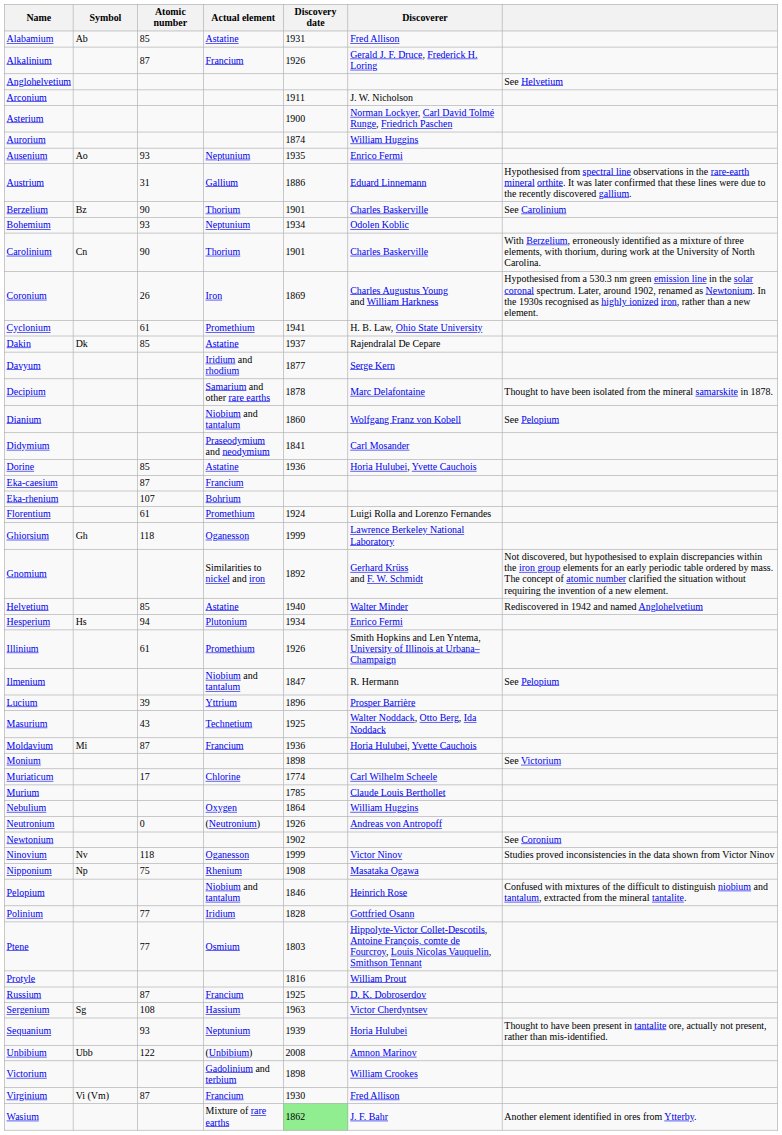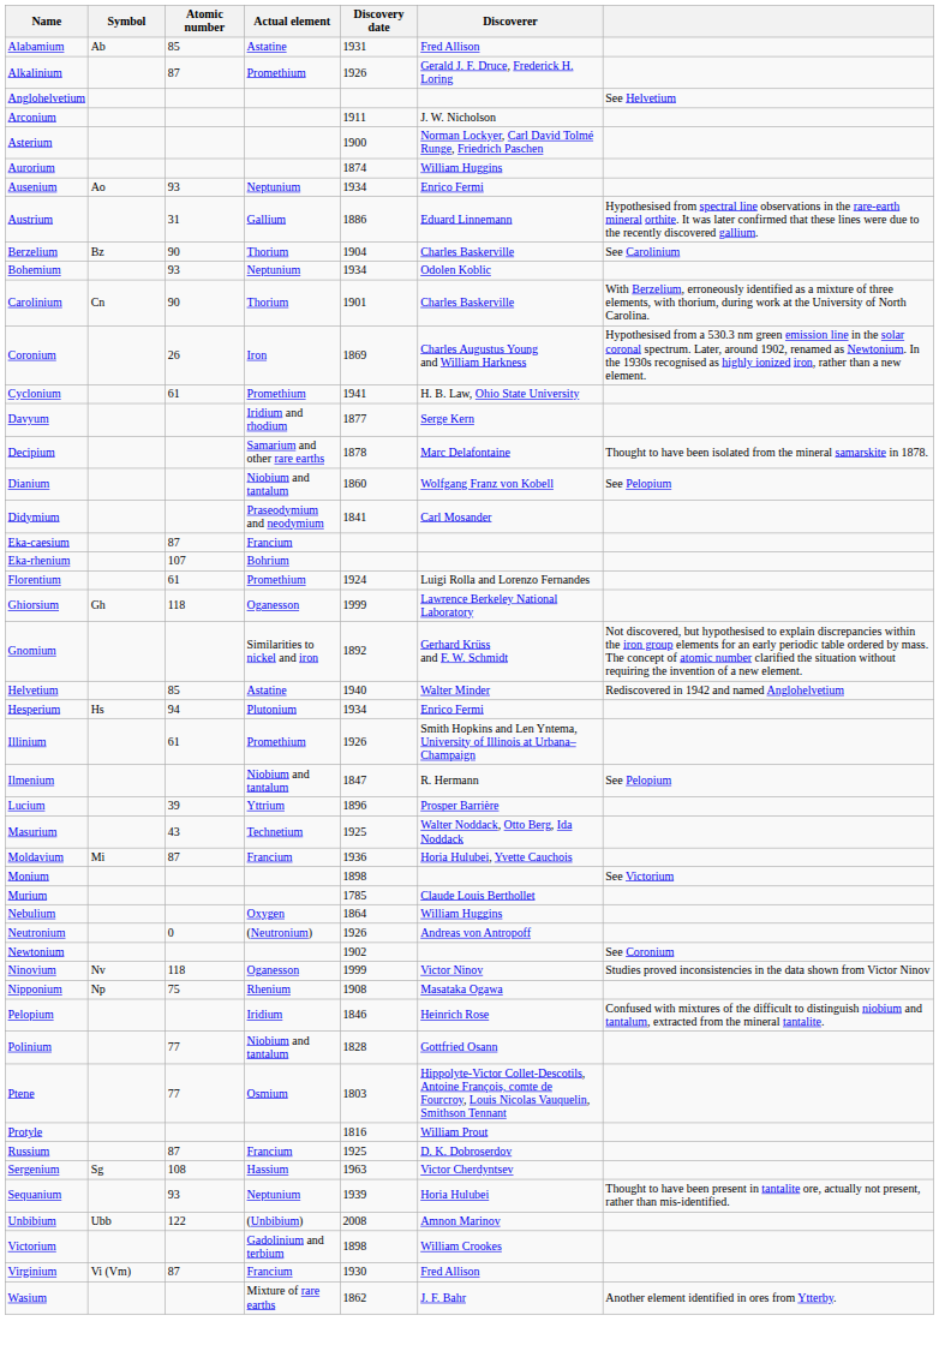 <table class="wikitable sortable">
 <tr>
 <th>Name</th>
 <th scope="col" style="text-align: center; min-width: 6em;">Symbol</th>
 <th scope="col" style="text-align: center; min-width: 6em;">Atomic number</th>
 <th>Actual element</th>
 <th scope="col" style="text-align: center; min-width: 6em;">Discovery date</th>
 <th>Discoverer</th>
 <th class="unsortable"></th>
 </tr>
 <tr>
 <td><a href='#'>Alabamium</a></td>
 <td>Ab</td>
 <td>85</td>
 <td><a href='#'>Astatine</a></td>
 <td>1931</td>
 <td data-sort-value="Allison, Fred"><a href='#'>Fred Allison</a></td>
 <td></td>
 </tr>
 <tr>
 <td><a href='#'>Alkalinium</a></td>
 <td></td>
 <td>87</td>
-<td><a href='#'>Francium</a></td>
+<td><a href='#'>Promethium</a></td>
 <td>1926</td>
 <td data-sort-value="Druce, Gerald J. F."><a href='#'>Gerald J. F. Druce</a>, <a href='#'>Frederick H. Loring</a></td>
 <td></td>
 </tr>
 <tr>
 <td><a href='#'>Anglohelvetium</a></td>
 <td></td>
 <td></td>
 <td></td>
 <td></td>
 <td></td>
 <td>See <a href='#'>Helvetium</a></td>
 </tr>
 <tr>
 <td><a href='#'>Arconium</a></td>
 <td></td>
 <td></td>
 <td></td>
 <td>1911</td>
 <td data-sort-value="Nicholson, J. W.">J. W. Nicholson</td>
 <td></td>
 </tr>
 <tr>
 <td><a href='#'>Asterium</a></td>
 <td></td>
 <td></td>
 <td></td>
 <td>1900</td>
 <td data-sort-value="Lockyer, Norman"><a href='#'>Norman Lockyer</a>, <a href='#'>Carl David Tolmé Runge</a>, <a href='#'>Friedrich Paschen</a></td>
 <td></td>
 </tr>
 <tr>
 <td><a href='#'>Aurorium</a></td>
 <td></td>
 <td></td>
 <td></td>
 <td>1874</td>
 <td data-sort-value="Huggins, William"><a href='#'>William Huggins</a></td>
 <td></td>
 </tr>
 <tr>
 <td><a href='#'>Ausenium</a></td>
 <td>Ao</td>
 <td>93</td>
 <td><a href='#'>Neptunium</a></td>
-<td>1935</td>
+<td>1934</td>
 <td data-sort-value="Fermi, Enrico"><a href='#'>Enrico Fermi</a></td>
 <td></td>
 </tr>
 <tr>
 <td><a href='#'>Austrium</a></td>
 <td></td>
 <td>31</td>
 <td><a href='#'>Gallium</a></td>
 <td>1886</td>
 <td data-sort-value="Linnemann, Eduard"><a href='#'>Eduard Linnemann</a></td>
 <td>Hypothesised from <a href='#'>spectral line</a> observations in the <a href='#'>rare-earth mineral</a> <a href='#'>orthite</a>. It was later confirmed that these lines were due to the recently discovered <a href='#'>gallium</a>.</td>
 </tr>
 <tr>
 <td><a href='#'>Berzelium</a></td>
 <td>Bz</td>
 <td>90</td>
 <td><a href='#'>Thorium</a></td>
-<td>1901</td>
+<td>1904</td>
 <td data-sort-value="Baskerville, Charles"><a href='#'>Charles Baskerville</a></td>
 <td>See <a href='#'>Carolinium</a></td>
 </tr>
 <tr>
 <td><a href='#'>Bohemium</a></td>
 <td></td>
 <td>93</td>
 <td><a href='#'>Neptunium</a></td>
 <td>1934</td>
 <td data-sort-value="Koblič, Odolen"><a href='#'>Odolen Koblic</a></td>
 <td></td>
 </tr>
 <tr>
 <td><a href='#'>Carolinium</a></td>
 <td>Cn</td>
 <td>90</td>
 <td><a href='#'>Thorium</a></td>
 <td>1901</td>
 <td data-sort-value="Baskerville, Charles"><a href='#'>Charles Baskerville</a></td>
 <td>With <a href='#'>Berzelium</a>, erroneously identified as a mixture of three elements, with thorium, during work at the University of North Carolina.</td>
 </tr>
 <tr>
 <td> <a href='#'>Coronium</a></td>
 <td></td>
 <td>26</td>
 <td><a href='#'>Iron</a></td>
 <td>1869</td>
 <td data-sort-value="Young, Charles Augustus"><a href='#'>Charles Augustus Young</a> <br>and <a href='#'>William Harkness</a></td>
 <td>Hypothesised from a 530.3 nm green <a href='#'>emission line</a> in the <a href='#'>solar coronal</a> spectrum. Later, around 1902, renamed as <a href='#'>Newtonium</a>. In the 1930s recognised as <a href='#'>highly ionized</a> <a href='#'>iron</a>, rather than a new element.</td>
 </tr>
 <tr>
 <td><a href='#'>Cyclonium</a></td>
 <td></td>
 <td>61</td>
 <td><a href='#'>Promethium</a></td>
 <td>1941</td>
 <td data-sort-value="Prout, William">H. B. Law, <a href='#'>Ohio State University</a></td>
 <td></td>
 </tr>
 <tr>
-<td><a href='#'>Dakin</a></td>
-<td>Dk</td>
-<td>85</td>
-<td><a href='#'>Astatine</a></td>
-<td>1937</td>
-<td data-sort-value="De Cepare, Rajendralal">Rajendralal De Cepare</td>
-<td></td>
-</tr>
-<tr>
 <td><a href='#'>Davyum</a></td>
 <td></td>
 <td></td>
 <td><a href='#'>Iridium</a> and <a href='#'>rhodium</a></td>
 <td>1877</td>
 <td data-sort-value="Kern, Serge"><a href='#'>Serge Kern</a></td>
 <td></td>
 </tr>
 <tr>
 <td><a href='#'>Decipium</a></td>
 <td></td>
 <td></td>
 <td><a href='#'>Samarium</a> and other <a href='#'>rare earths</a></td>
 <td>1878</td>
 <td data-sort-value="Delafontaine, Marc"><a href='#'>Marc Delafontaine</a></td>
 <td>Thought to have been isolated from the mineral <a href='#'>samarskite</a> in 1878.</td>
 </tr>
 <tr>
 <td><a href='#'>Dianium</a></td>
 <td></td>
 <td></td>
 <td><a href='#'>Niobium</a> and <a href='#'>tantalum</a></td>
 <td>1860</td>
 <td data-sort-value="Kobell, von, Wolfgang Franz"><a href='#'>Wolfgang Franz von Kobell</a></td>
 <td>See <a href='#'>Pelopium</a></td>
 </tr>
 <tr>
 <td><a href='#'>Didymium</a></td>
 <td></td>
 <td></td>
 <td><a href='#'>Praseodymium</a> and <a href='#'>neodymium</a></td>
 <td>1841</td>
 <td data-sort-value="Mosander, Carl"><a href='#'>Carl Mosander</a></td>
-<td></td>
-</tr>
-<tr>
-<td><a href='#'>Dorine</a></td>
-<td></td>
-<td>85</td>
-<td><a href='#'>Astatine</a></td>
-<td>1936</td>
-<td data-sort-value="Hulubei, Horia"><a href='#'>Horia Hulubei</a>, <a href='#'>Yvette Cauchois</a></td>
 <td></td>
 </tr>
 <tr>
 <td><a href='#'>Eka-caesium</a></td>
 <td></td>
 <td>87</td>
 <td><a href='#'>Francium</a></td>
 <td></td>
 <td></td>
 <td></td>
 </tr>
 <tr>
 <td><a href='#'>Eka-rhenium</a></td>
 <td></td>
 <td>107</td>
 <td><a href='#'>Bohrium</a></td>
 <td></td>
 <td></td>
 <td></td>
 </tr>
 <tr>
 <td><a href='#'>Florentium</a></td>
 <td></td>
 <td>61</td>
 <td><a href='#'>Promethium</a></td>
 <td>1924</td>
 <td data-sort-value="Rolla, Luigi">Luigi Rolla and Lorenzo Fernandes</td>
 <td></td>
 </tr>
 <tr>
 <td><a href='#'>Ghiorsium</a></td>
 <td>Gh</td>
 <td>118</td>
 <td><a href='#'>Oganesson</a></td>
 <td>1999</td>
 <td data-sort-value="Lawrence Berkeley National Laboratory"><a href='#'>Lawrence Berkeley National Laboratory</a></td>
 <td></td>
 </tr>
 <tr>
 <td><a href='#'>Gnomium</a></td>
 <td></td>
 <td></td>
 <td>Similarities to <a href='#'>nickel</a> and <a href='#'>iron</a></td>
 <td>1892</td>
 <td data-sort-value=""><a href='#'>Gerhard Krüss</a> <br>and <a href='#'>F. W. Schmidt</a></td>
 <td>Not discovered, but hypothesised to explain discrepancies within the <a href='#'>iron group</a> elements for an early periodic table ordered by mass. The concept of <a href='#'>atomic number</a> clarified the situation without requiring the invention of a new element.</td>
 </tr>
 <tr>
 <td><a href='#'>Helvetium</a></td>
 <td></td>
 <td>85</td>
 <td><a href='#'>Astatine</a></td>
 <td>1940</td>
 <td data-sort-value="Minder, Walter"><a href='#'>Walter Minder</a></td>
 <td>Rediscovered in 1942 and named <a href='#'>Anglohelvetium</a></td>
 </tr>
 <tr>
 <td><a href='#'>Hesperium</a></td>
 <td>Hs</td>
 <td>94</td>
 <td><a href='#'>Plutonium</a></td>
 <td>1934</td>
 <td data-sort-value="Fermi, Enrico"><a href='#'>Enrico Fermi</a></td>
 <td></td>
 </tr>
 <tr>
 <td><a href='#'>Illinium</a></td>
 <td></td>
 <td>61</td>
 <td><a href='#'>Promethium</a></td>
 <td>1926</td>
 <td data-sort-value="Hopkins, Smith">Smith Hopkins and Len Yntema, <a href='#'>University of Illinois at Urbana–Champaign</a></td>
 <td></td>
 </tr>
 <tr>
 <td><a href='#'>Ilmenium</a></td>
 <td></td>
 <td></td>
 <td><a href='#'>Niobium</a> and <a href='#'>tantalum</a></td>
 <td>1847</td>
 <td data-sort-value="Hermann, R">R. Hermann</td>
 <td>See <a href='#'>Pelopium</a></td>
 </tr>
 <tr>
 <td><a href='#'>Lucium</a></td>
 <td></td>
 <td>39</td>
 <td><a href='#'>Yttrium</a></td>
 <td>1896</td>
 <td data-sort-value="Barrière, Prosper"><a href='#'>Prosper Barrière</a></td>
 <td></td>
 </tr>
 <tr>
 <td><a href='#'>Masurium</a></td>
 <td></td>
 <td>43</td>
 <td><a href='#'>Technetium</a></td>
 <td>1925</td>
 <td data-sort-value="Noddack, Walter"><a href='#'>Walter Noddack</a>, <a href='#'>Otto Berg</a>, <a href='#'>Ida Noddack</a></td>
 <td></td>
 </tr>
 <tr>
 <td><a href='#'>Moldavium</a></td>
 <td>Mi</td>
 <td>87</td>
 <td><a href='#'>Francium</a></td>
 <td>1936</td>
 <td data-sort-value="Hulubei, Horia"><a href='#'>Horia Hulubei</a>, <a href='#'>Yvette Cauchois</a></td>
 <td></td>
 </tr>
 <tr>
 <td><a href='#'>Monium</a></td>
 <td></td>
 <td></td>
 <td></td>
 <td>1898</td>
 <td></td>
 <td>See <a href='#'>Victorium</a></td>
 </tr>
 <tr>
-<td><a href='#'>Muriaticum</a></td>
-<td></td>
-<td>17</td>
-<td><a href='#'>Chlorine</a></td>
-<td>1774</td>
-<td data-sort-value="Scheele, Carl Wilhelm"><a href='#'>Carl Wilhelm Scheele</a></td>
-<td></td>
-</tr>
-<tr>
 <td><a href='#'>Murium</a></td>
 <td></td>
 <td></td>
 <td></td>
 <td>1785</td>
 <td data-sort-value="Berthollet, Claude Louis"><a href='#'>Claude Louis Berthollet</a></td>
 <td></td>
 </tr>
 <tr>
 <td><a href='#'>Nebulium</a></td>
 <td></td>
 <td></td>
 <td><a href='#'>Oxygen</a></td>
 <td>1864</td>
 <td data-sort-value="Huggins, William"><a href='#'>William Huggins</a></td>
 <td></td>
 </tr>
 <tr>
 <td><a href='#'>Neutronium</a></td>
 <td></td>
 <td>0</td>
 <td>(<a href='#'>Neutronium</a>)</td>
 <td>1926</td>
 <td data-sort-value="Antropoff, Andreas"><a href='#'>Andreas von Antropoff</a></td>
 <td></td>
 </tr>
 <tr>
 <td><a href='#'>Newtonium</a></td>
 <td></td>
 <td></td>
 <td></td>
 <td>1902</td>
 <td></td>
 <td>See <a href='#'>Coronium</a></td>
 </tr>
 <tr>
 <td><a href='#'>Ninovium</a></td>
 <td>Nv</td>
 <td>118</td>
 <td><a href='#'>Oganesson</a></td>
 <td>1999</td>
 <td data-sort-value="Ninov, Victor"><a href='#'>Victor Ninov</a></td>
 <td>Studies proved inconsistencies in the data shown from Victor Ninov</td>
 </tr>
 <tr>
 <td><a href='#'>Nipponium</a></td>
 <td>Np</td>
 <td>75</td>
 <td><a href='#'>Rhenium</a></td>
 <td>1908</td>
 <td data-sort-value="Ogawa, Masataka"><a href='#'>Masataka Ogawa</a></td>
 <td></td>
 </tr>
 <tr>
 <td><a href='#'>Pelopium</a></td>
 <td></td>
 <td></td>
-<td><a href='#'>Niobium</a> and <a href='#'>tantalum</a></td>
+<td><a href='#'>Iridium</a></td>
 <td>1846</td>
 <td data-sort-value="Rose, Heinrich"><a href='#'>Heinrich Rose</a></td>
 <td>Confused with mixtures of the difficult to distinguish <a href='#'>niobium</a> and <a href='#'>tantalum</a>, extracted from the mineral <a href='#'>tantalite</a>.</td>
 </tr>
 <tr>
 <td><a href='#'>Polinium</a></td>
 <td></td>
 <td>77</td>
-<td><a href='#'>Iridium</a></td>
+<td><a href='#'>Niobium</a> and <a href='#'>tantalum</a></td>
 <td>1828</td>
 <td data-sort-value="Osann, Gottfried"><a href='#'>Gottfried Osann</a></td>
 <td></td>
 </tr>
 <tr>
 <td><a href='#'>Ptene</a></td>
 <td></td>
 <td>77</td>
 <td><a href='#'>Osmium</a></td>
 <td>1803</td>
 <td data-sort-value="Collet-Descotils, Hippolyte-Victor"><a href='#'>Hippolyte-Victor Collet-Descotils</a>, <a href='#'>Antoine François, comte de Fourcroy</a>, <a href='#'>Louis Nicolas Vauquelin</a>, <a href='#'>Smithson Tennant</a></td>
 <td></td>
 </tr>
 <tr>
 <td><a href='#'>Protyle</a></td>
 <td></td>
 <td></td>
 <td></td>
 <td>1816</td>
 <td data-sort-value="Prout, William"><a href='#'>William Prout</a></td>
 <td></td>
 </tr>
 <tr>
 <td><a href='#'>Russium</a></td>
 <td></td>
 <td>87</td>
 <td><a href='#'>Francium</a></td>
 <td>1925</td>
 <td data-sort-value="Dobroserdov, D. K."><a href='#'>D. K. Dobroserdov</a></td>
 <td></td>
 </tr>
 <tr>
 <td><a href='#'>Sergenium</a></td>
 <td>Sg</td>
 <td>108</td>
 <td><a href='#'>Hassium</a></td>
 <td>1963</td>
 <td data-sort-value="Cherdyntsev, Victor"><a href='#'>Victor Cherdyntsev</a></td>
 <td></td>
 </tr>
 <tr>
 <td><a href='#'>Sequanium</a></td>
 <td></td>
 <td>93</td>
 <td><a href='#'>Neptunium</a></td>
 <td>1939</td>
 <td data-sort-value="Hulubei, Horia"><a href='#'>Horia Hulubei</a></td>
 <td>Thought to have been present in <a href='#'>tantalite</a> ore, actually not present, rather than mis-identified.</td>
 </tr>
 <tr>
 <td><a href='#'>Unbibium</a></td>
 <td>Ubb</td>
 <td>122</td>
 <td>(<a href='#'>Unbibium</a>)</td>
 <td>2008</td>
 <td data-sort-value="Marinov, Amnon"><a href='#'>Amnon Marinov</a></td>
 <td></td>
 </tr>
 <tr>
 <td><a href='#'>Victorium</a></td>
 <td></td>
 <td></td>
 <td><a href='#'>Gadolinium</a> and <a href='#'>terbium</a></td>
 <td>1898</td>
 <td data-sort-value="Crookes, William"><a href='#'>William Crookes</a></td>
 <td></td>
 </tr>
 <tr>
 <td><a href='#'>Virginium</a></td>
 <td>Vi (Vm)</td>
 <td>87</td>
 <td><a href='#'>Francium</a></td>
 <td>1930</td>
 <td data-sort-value="Allison, Fred"><a href='#'>Fred Allison</a></td>
 <td></td>
 </tr>
 <tr>
 <td><a href='#'>Wasium</a></td>
 <td></td>
 <td></td>
 <td>Mixture of <a href='#'>rare earths</a></td>
-<td style="background: lightgreen;">1862</td>
+<td>1862</td>
 <td data-sort-value="Bahr, J.F."><a href='#'>J. F. Bahr</a></td>
 <td>Another element identified in ores from <a href='#'>Ytterby</a>.</td>
 </tr>
 </table>
